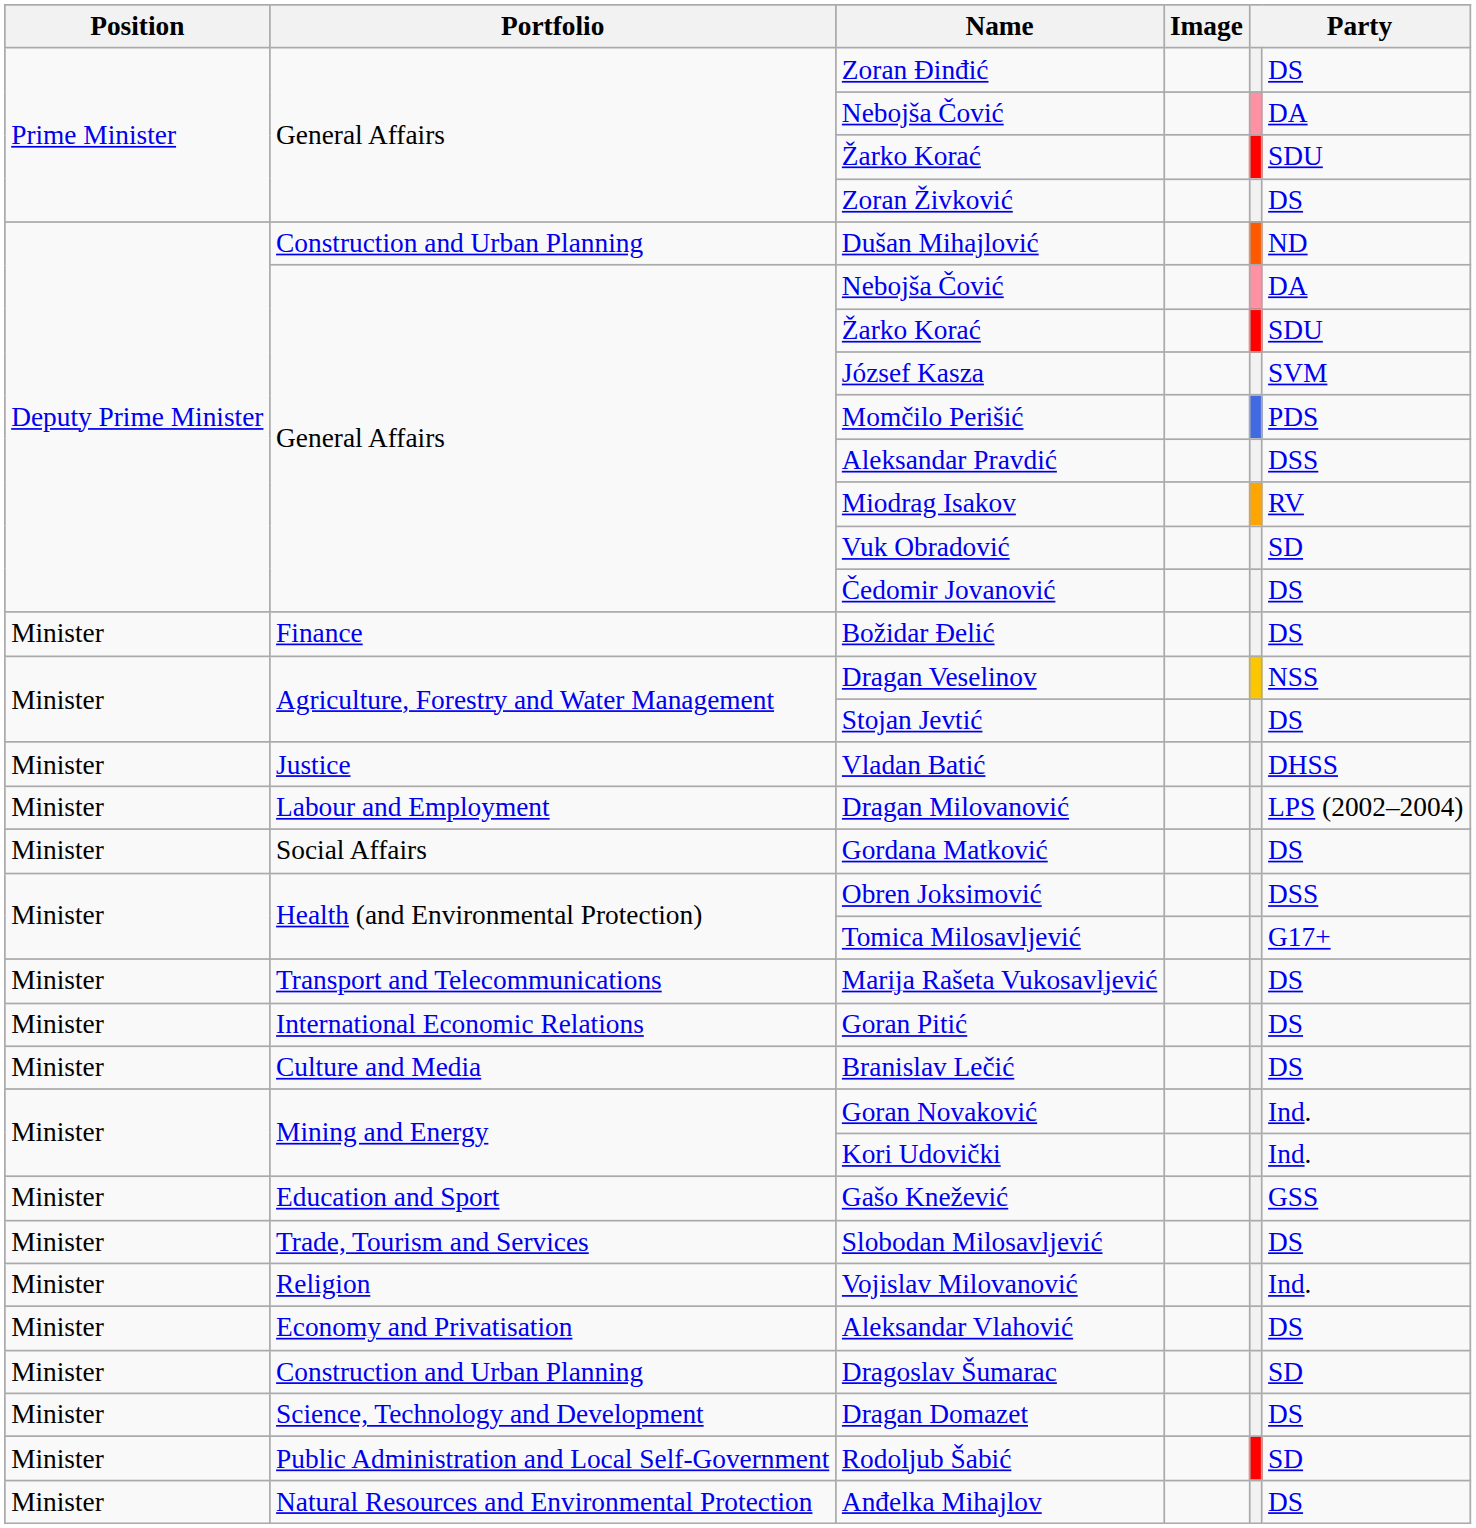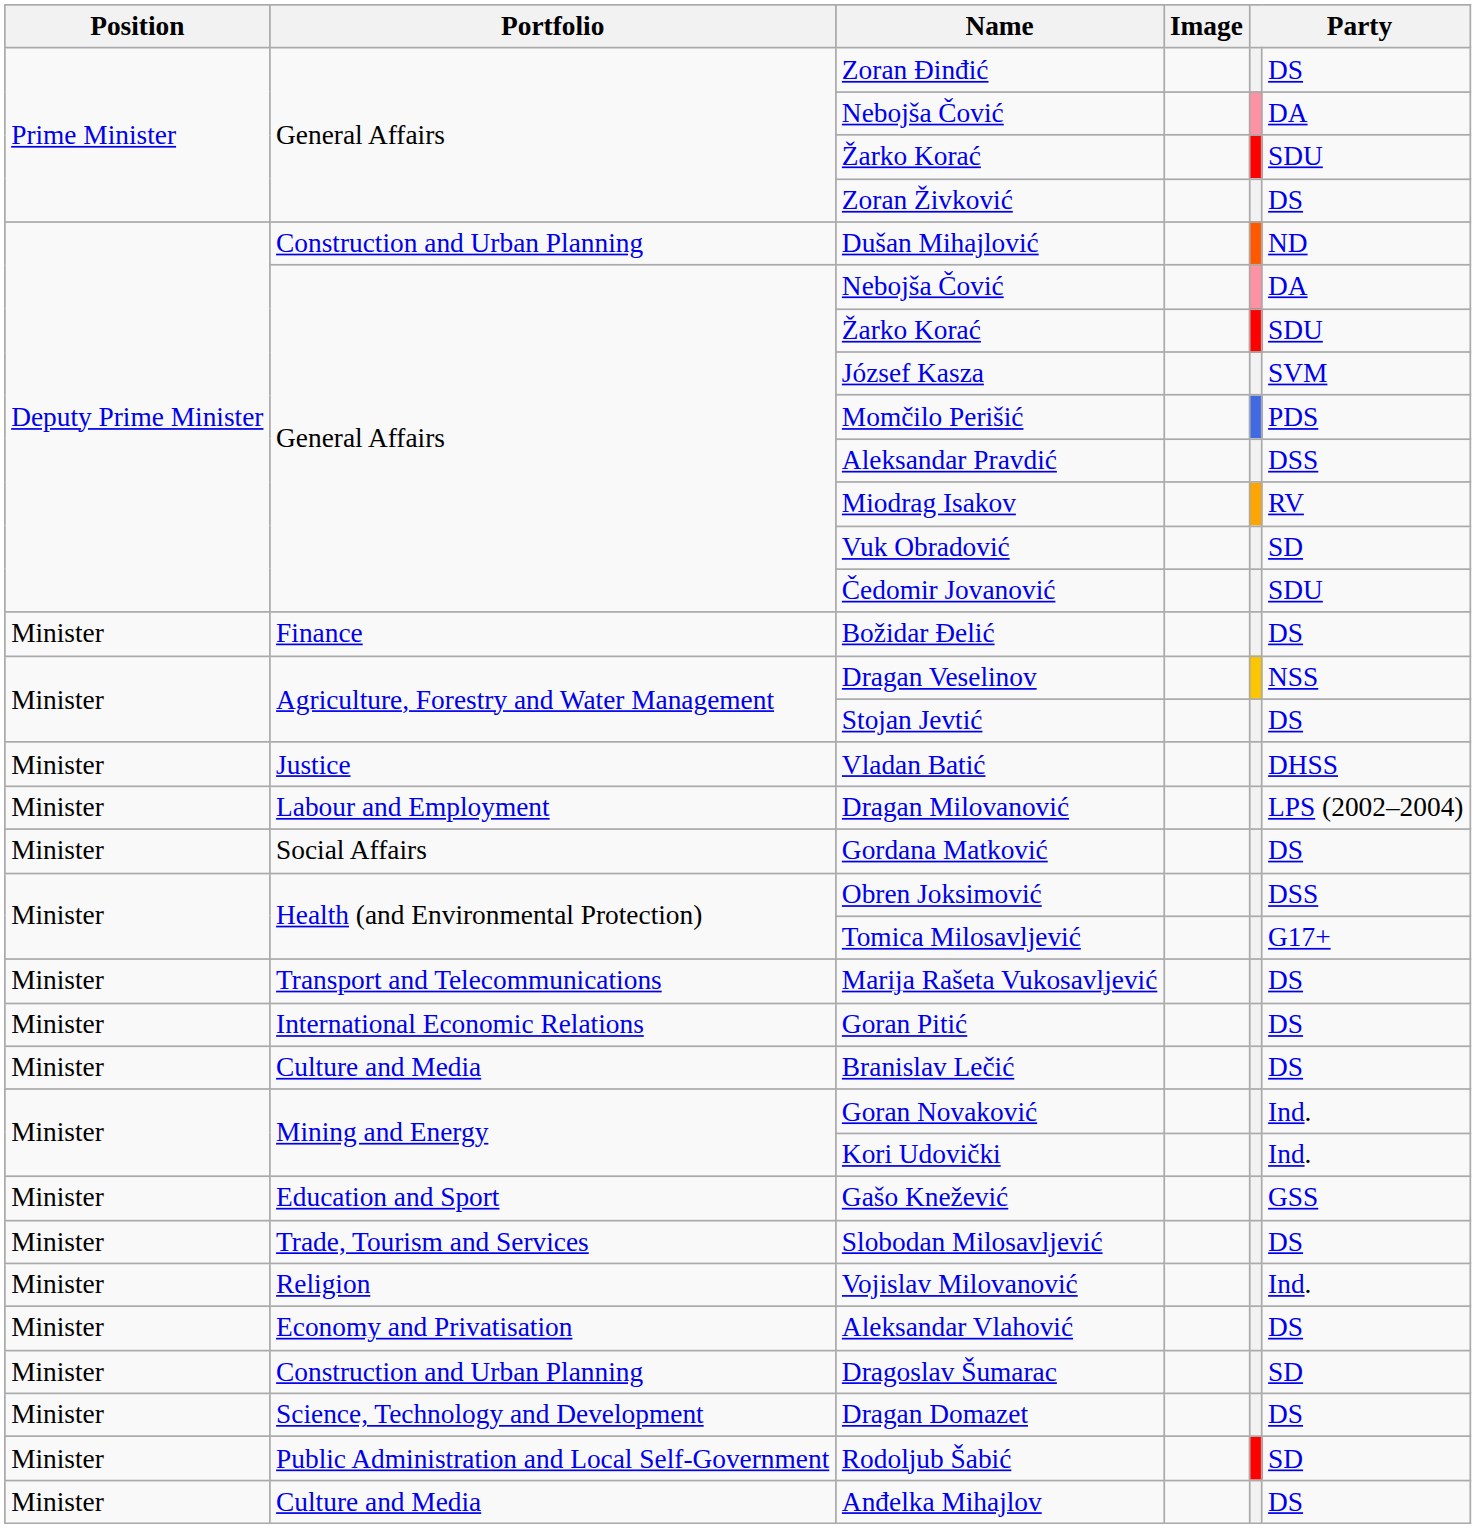 <table class="wikitable">
 <tr>
 <th>Position</th>
 <th>Portfolio</th>
 <th>Name</th>
 <th>Image</th>
 <th colspan="2">Party</th>
 </tr>
 <tr>
 <td rowspan="4"><a href='#'>Prime Minister</a></td>
 <td rowspan="4">General Affairs</td>
 <td><a href='#'>Zoran Đinđić</a> </td>
 <td></td>
 <th style="background:"></th>
 <td><a href='#'>DS</a></td>
 </tr>
 <tr>
 <td><a href='#'>Nebojša Čović</a> </td>
 <td></td>
 <th style="background:#FF91A4;"></th>
 <td><a href='#'>DA</a></td>
 </tr>
 <tr>
 <td><a href='#'>Žarko Korać</a> </td>
 <td></td>
 <th style="background:red;"></th>
 <td><a href='#'>SDU</a></td>
 </tr>
 <tr>
 <td><a href='#'>Zoran Živković</a> </td>
 <td></td>
 <th style="background:"></th>
 <td><a href='#'>DS</a></td>
 </tr>
 <tr>
 <td rowspan="9"><a href='#'>Deputy Prime Minister</a></td>
 <td><a href='#'>Construction and Urban Planning</a></td>
 <td><a href='#'>Dušan Mihajlović</a></td>
 <td></td>
 <th style="background-color:#FF5900; color:white;"></th>
 <td><a href='#'>ND</a></td>
 </tr>
 <tr>
 <td rowspan="8">General Affairs</td>
 <td><a href='#'>Nebojša Čović</a></td>
 <td></td>
 <th style="background:#FF91A4;"></th>
 <td><a href='#'>DA</a></td>
 </tr>
 <tr>
 <td><a href='#'>Žarko Korać</a></td>
 <td></td>
 <th style="background:red;"></th>
 <td><a href='#'>SDU</a></td>
 </tr>
 <tr>
 <td><a href='#'>József Kasza</a></td>
 <td></td>
 <th style="background:"></th>
 <td><a href='#'>SVM</a></td>
 </tr>
 <tr>
 <td><a href='#'>Momčilo Perišić</a> </td>
 <td></td>
 <th style="background:#4169E1;"></th>
 <td><a href='#'>PDS</a></td>
 </tr>
 <tr>
 <td><a href='#'>Aleksandar Pravdić</a> </td>
 <td></td>
 <th style="background:"></th>
 <td><a href='#'>DSS</a></td>
 </tr>
 <tr>
 <td><a href='#'>Miodrag Isakov</a> </td>
 <td></td>
 <th style="background:orange;"></th>
 <td><a href='#'>RV</a></td>
 </tr>
 <tr>
 <td><a href='#'>Vuk Obradović</a> </td>
 <td></td>
 <th style="background:ред;"></th>
 <td><a href='#'>SD</a></td>
 </tr>
 <tr>
 <td><a href='#'>Čedomir Jovanović</a> </td>
 <td></td>
 <th style="background:"></th>
-<td><a href='#'>DS</a></td>
+<td><a href='#'>SDU</a></td>
 </tr>
 <tr>
 <td>Minister</td>
 <td><a href='#'>Finance</a></td>
 <td><a href='#'>Božidar Đelić</a></td>
 <td></td>
 <th style="background:"></th>
 <td><a href='#'>DS</a></td>
 </tr>
 <tr>
 <td rowspan="2">Minister</td>
 <td rowspan="2"><a href='#'>Agriculture, Forestry and Water Management</a></td>
 <td><a href='#'>Dragan Veselinov</a> </td>
 <td></td>
 <th style="background:#FCC700;"></th>
 <td><a href='#'>NSS</a></td>
 </tr>
 <tr>
 <td><a href='#'>Stojan Jevtić</a> </td>
 <td></td>
 <th style="background:"></th>
 <td><a href='#'>DS</a></td>
 </tr>
 <tr>
 <td>Minister</td>
 <td><a href='#'>Justice</a></td>
 <td><a href='#'>Vladan Batić</a></td>
 <td></td>
 <th style="background:"></th>
 <td><a href='#'>DHSS</a></td>
 </tr>
 <tr>
 <td>Minister</td>
 <td><a href='#'>Labour and Employment</a></td>
 <td><a href='#'>Dragan Milovanović</a></td>
 <td></td>
 <th style="background:"></th>
 <td><a href='#'>LPS</a> (2002–2004)</td>
 </tr>
 <tr>
 <td>Minister</td>
 <td>Social Affairs</td>
 <td><a href='#'>Gordana Matković</a></td>
 <td></td>
 <th style="background:"></th>
 <td><a href='#'>DS</a></td>
 </tr>
 <tr>
 <td rowspan="2">Minister</td>
 <td rowspan="2"><a href='#'>Health</a> (and Environmental Protection)</td>
 <td><a href='#'>Obren Joksimović</a> </td>
 <td></td>
 <th style="background:"></th>
 <td><a href='#'>DSS</a></td>
 </tr>
 <tr>
 <td><a href='#'>Tomica Milosavljević</a> </td>
 <td></td>
 <th style="background:"></th>
 <td><a href='#'>G17+</a></td>
 </tr>
 <tr>
 <td>Minister</td>
 <td><a href='#'>Transport and Telecommunications</a></td>
 <td><a href='#'>Marija Rašeta Vukosavljević</a></td>
 <td></td>
 <th style="background:"></th>
 <td><a href='#'>DS</a></td>
 </tr>
 <tr>
 <td>Minister</td>
 <td><a href='#'>International Economic Relations</a></td>
 <td><a href='#'>Goran Pitić</a></td>
 <td></td>
 <th style="background:"></th>
 <td><a href='#'>DS</a></td>
 </tr>
 <tr>
 <td>Minister</td>
 <td><a href='#'>Culture and Media</a></td>
 <td><a href='#'>Branislav Lečić</a></td>
 <td></td>
 <th style="background:"></th>
 <td><a href='#'>DS</a></td>
 </tr>
 <tr>
 <td rowspan="2">Minister</td>
 <td rowspan="2"><a href='#'>Mining and Energy</a></td>
 <td><a href='#'>Goran Novaković</a> </td>
 <td></td>
 <th style="background:"></th>
 <td><a href='#'>Ind</a>.</td>
 </tr>
 <tr>
 <td><a href='#'>Kori Udovički</a> </td>
 <td></td>
 <th style="background:"></th>
 <td><a href='#'>Ind</a>.</td>
 </tr>
 <tr>
 <td>Minister</td>
 <td><a href='#'>Education and Sport</a></td>
 <td><a href='#'>Gašo Knežević</a></td>
 <td></td>
 <th style="background:"></th>
 <td><a href='#'>GSS</a></td>
 </tr>
 <tr>
 <td>Minister</td>
 <td><a href='#'>Trade, Tourism and Services</a></td>
 <td><a href='#'>Slobodan Milosavljević</a></td>
 <td></td>
 <th style="background:"></th>
 <td><a href='#'>DS</a></td>
 </tr>
 <tr>
 <td>Minister</td>
 <td><a href='#'>Religion</a></td>
 <td><a href='#'>Vojislav Milovanović</a></td>
 <td></td>
 <th style="background:"></th>
 <td><a href='#'>Ind</a>.</td>
 </tr>
 <tr>
 <td>Minister</td>
 <td><a href='#'>Economy and Privatisation</a></td>
 <td><a href='#'>Aleksandar Vlahović</a></td>
 <td></td>
 <th style="background:"></th>
 <td><a href='#'>DS</a></td>
 </tr>
 <tr>
 <td>Minister</td>
 <td><a href='#'>Construction and Urban Planning</a></td>
 <td><a href='#'>Dragoslav Šumarac</a></td>
 <td></td>
 <th style="background:"></th>
 <td><a href='#'>SD</a></td>
 </tr>
 <tr>
 <td>Minister</td>
 <td><a href='#'>Science, Technology and Development</a></td>
 <td><a href='#'>Dragan Domazet</a></td>
 <td></td>
 <th style="background:"></th>
 <td><a href='#'>DS</a></td>
 </tr>
 <tr>
 <td>Minister</td>
 <td><a href='#'>Public Administration and Local Self-Government</a></td>
 <td><a href='#'>Rodoljub Šabić</a> </td>
 <td></td>
 <th style="background:red;"></th>
 <td><a href='#'>SD</a></td>
 </tr>
 <tr>
 <td>Minister</td>
-<td><a href='#'>Natural Resources and Environmental Protection</a></td>
+<td><a href='#'>Culture and Media</a></td>
 <td><a href='#'>Anđelka Mihajlov</a> </td>
 <td></td>
 <th style="background:"></th>
 <td><a href='#'>DS</a></td>
 </tr>
 </table>
